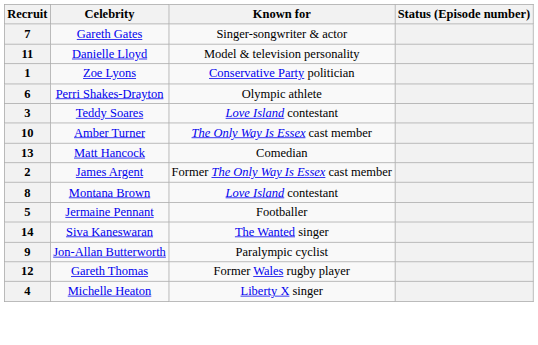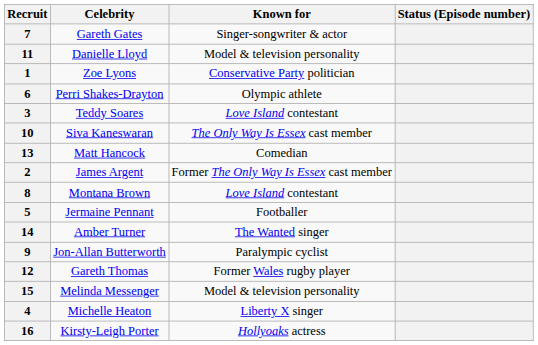 <table class="wikitable sortable" style="text-align:center;">
 <tr>
 <th>Recruit</th>
 <th>Celebrity</th>
 <th>Known for</th>
 <th>Status (Episode number)</th>
 </tr>
 <tr>
 <th scope="row">7</th>
 <td><a href='#'>Gareth Gates</a></td>
 <td>Singer-songwriter & actor</td>
 <th></th>
 </tr>
 <tr>
 <th scope="row">11</th>
 <td><a href='#'>Danielle Lloyd</a></td>
 <td>Model & television personality</td>
 <th></th>
 </tr>
 <tr>
 <th scope="row">1</th>
 <td><a href='#'>Zoe Lyons</a></td>
 <td><a href='#'>Conservative Party</a> politician</td>
 <th></th>
 </tr>
 <tr>
 <th scope="row">6</th>
 <td><a href='#'>Perri Shakes-Drayton</a></td>
 <td>Olympic athlete</td>
 <th></th>
 </tr>
 <tr>
 <th scope="row">3</th>
 <td><a href='#'>Teddy Soares</a></td>
 <td><em><a href='#'>Love Island</a></em> contestant</td>
 <th></th>
 </tr>
 <tr>
 <th scope="row">10</th>
-<td><a href='#'>Amber Turner</a></td>
+<td><a href='#'>Siva Kaneswaran</a></td>
 <td><em><a href='#'>The Only Way Is Essex</a></em> cast member</td>
 <th></th>
 </tr>
 <tr>
 <th scope="row">13</th>
 <td><a href='#'>Matt Hancock</a></td>
 <td>Comedian</td>
 <th></th>
 </tr>
 <tr>
 <th scope="row">2</th>
 <td><a href='#'>James Argent</a></td>
 <td>Former <em><a href='#'>The Only Way Is Essex</a></em> cast member</td>
 <th></th>
 </tr>
 <tr>
 <th scope="row">8</th>
 <td><a href='#'>Montana Brown</a></td>
 <td><em><a href='#'>Love Island</a></em> contestant</td>
 <th></th>
 </tr>
 <tr>
 <th scope="row">5</th>
 <td><a href='#'>Jermaine Pennant</a></td>
 <td>Footballer</td>
 <th></th>
 </tr>
 <tr>
 <th scope="row">14</th>
-<td><a href='#'>Siva Kaneswaran</a></td>
+<td><a href='#'>Amber Turner</a></td>
 <td><a href='#'>The Wanted</a> singer</td>
 <th></th>
 </tr>
 <tr>
 <th scope="row">9</th>
 <td><a href='#'>Jon-Allan Butterworth</a></td>
 <td>Paralympic cyclist</td>
 <th></th>
 </tr>
 <tr>
 <th scope="row">12</th>
 <td><a href='#'>Gareth Thomas</a></td>
 <td>Former <a href='#'>Wales</a> rugby player</td>
 <th></th>
 </tr>
 <tr>
+<th scope="row">15</th>
+<td><a href='#'>Melinda Messenger</a></td>
+<td>Model & television personality</td>
+<th></th>
+</tr>
+<tr>
 <th scope="row">4</th>
 <td><a href='#'>Michelle Heaton</a></td>
 <td><a href='#'>Liberty X</a> singer</td>
 <th></th>
 </tr>
+<tr>
+<th scope="row">16</th>
+<td><a href='#'>Kirsty-Leigh Porter</a></td>
+<td><em><a href='#'>Hollyoaks</a></em> actress</td>
+<th></th>
+</tr>
 </table>
